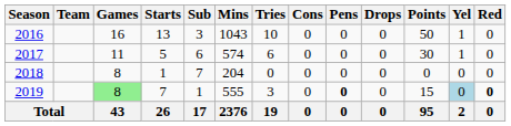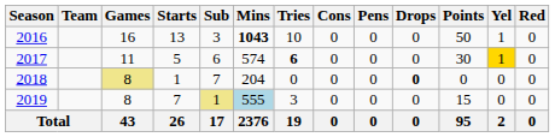 <table class="wikitable" style="text-align:center; line-height:90%; font-size:95%; width:60%;">
 <tr>
 <th>Season</th>
 <th>Team</th>
 <th>Games</th>
 <th>Starts</th>
 <th>Sub</th>
 <th>Mins</th>
 <th>Tries</th>
 <th>Cons</th>
 <th>Pens</th>
 <th>Drops</th>
 <th>Points</th>
 <th>Yel</th>
 <th>Red</th>
 </tr>
 <tr>
 <td><a href='#'>2016</a></td>
 <td></td>
 <td>16</td>
 <td>13</td>
 <td>3</td>
-<td>1043</td>
+<td><strong>1043</strong></td>
 <td>10</td>
 <td>0</td>
 <td>0</td>
 <td>0</td>
 <td>50</td>
 <td>1</td>
 <td>0</td>
 </tr>
 <tr>
 <td><a href='#'>2017</a></td>
 <td></td>
 <td>11</td>
 <td>5</td>
 <td>6</td>
 <td>574</td>
-<td>6</td>
+<td><strong>6</strong></td>
 <td>0</td>
 <td>0</td>
 <td>0</td>
 <td>30</td>
-<td>1</td>
+<td style="background: gold;">1</td>
 <td>0</td>
 </tr>
 <tr>
 <td><a href='#'>2018</a></td>
 <td></td>
-<td>8</td>
+<td style="background: khaki;">8</td>
 <td>1</td>
 <td>7</td>
 <td>204</td>
 <td>0</td>
 <td>0</td>
 <td>0</td>
-<td>0</td>
+<td><strong>0</strong></td>
 <td>0</td>
 <td>0</td>
 <td>0</td>
 </tr>
 <tr>
 <td><a href='#'>2019</a></td>
 <td></td>
-<td style="background: lightgreen;">8</td>
+<td>8</td>
 <td>7</td>
-<td>1</td>
-<td>555</td>
+<td style="background: khaki;">1</td>
+<td style="background: lightblue;">555</td>
 <td>3</td>
 <td>0</td>
-<td><strong>0</strong></td>
+<td>0</td>
 <td>0</td>
 <td>15</td>
-<td style="background: lightblue;">0</td>
-<td><strong>0</strong></td>
+<td>0</td>
+<td>0</td>
 </tr>
 <tr>
 <th colspan="2">Total</th>
 <th>43</th>
 <th>26</th>
 <th>17</th>
 <th>2376</th>
 <th>19</th>
 <th>0</th>
 <th>0</th>
 <th>0</th>
 <th>95</th>
 <th>2</th>
 <th>0</th>
 </tr>
 </table>
